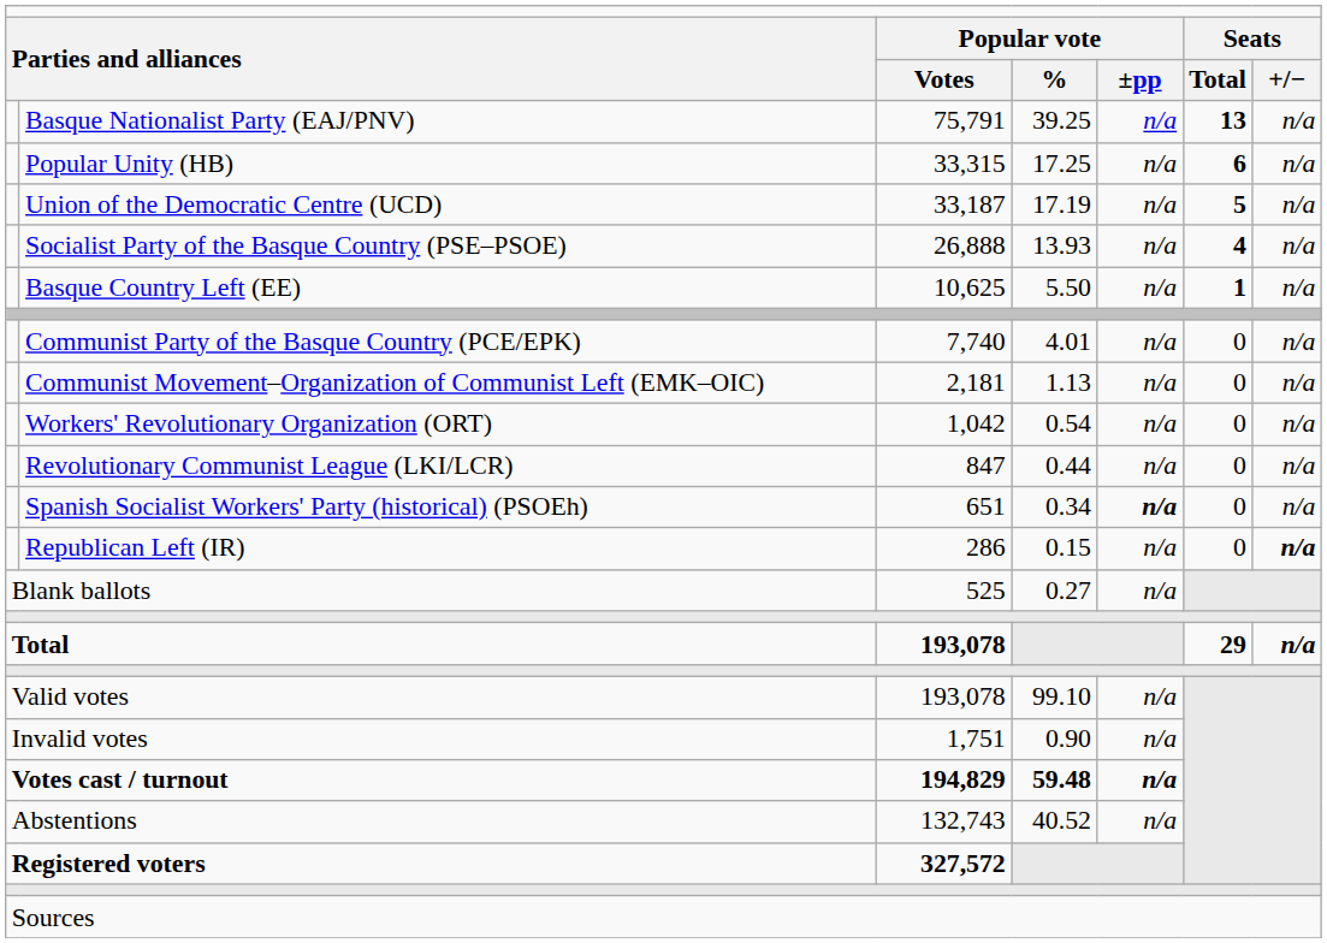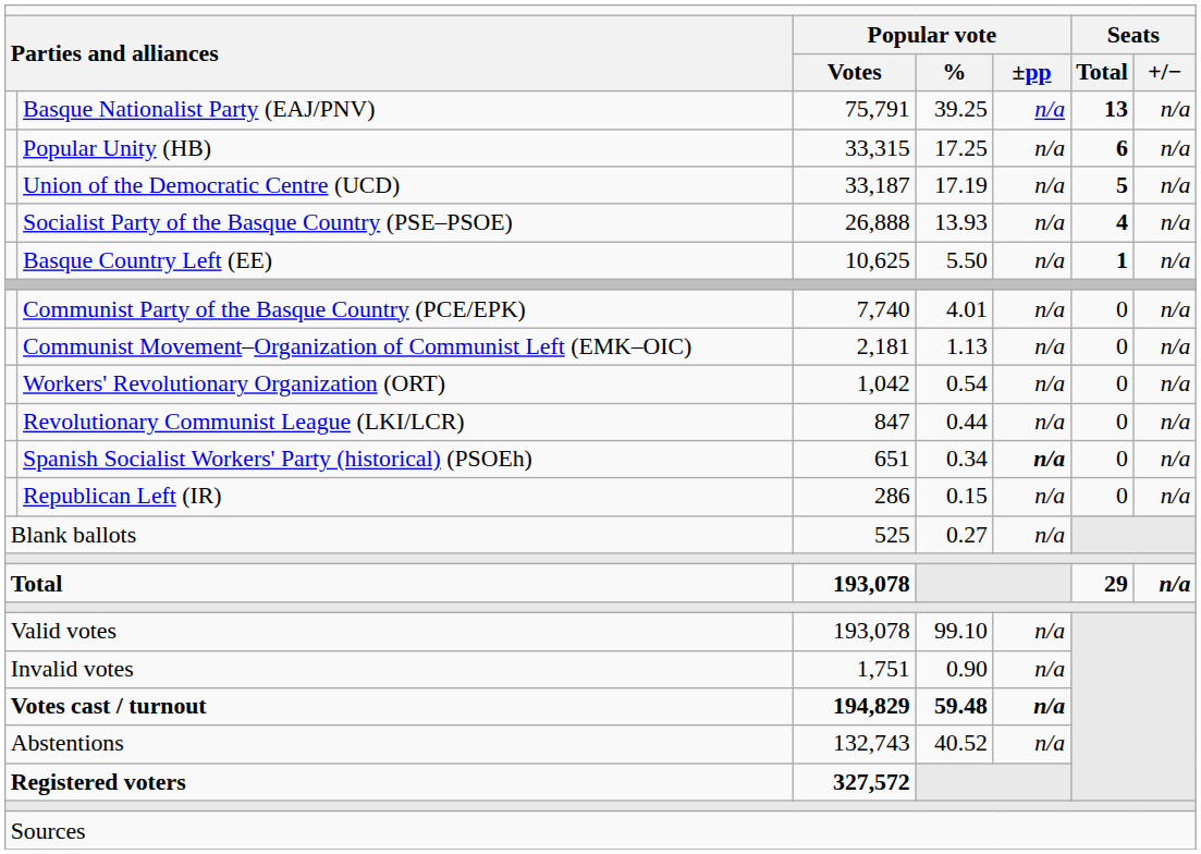 <table class="wikitable" style="text-align:right;">
 <tr>
 <td colspan="7"></td>
 </tr>
 <tr>
 <th style="text-align:left;" rowspan="2" colspan="2" width="525">Parties and alliances</th>
 <th colspan="3">Popular vote</th>
 <th colspan="2">Seats</th>
 </tr>
 <tr>
 <th width="75">Votes</th>
 <th width="45">%</th>
 <th width="45">±<a href='#'>pp</a></th>
 <th width="35">Total</th>
 <th width="35">+/−</th>
 </tr>
 <tr>
 <td width="1" style="color:inherit;background:"></td>
 <td align="left"><a href='#'>Basque Nationalist Party</a> (EAJ/PNV)</td>
 <td>75,791</td>
 <td>39.25</td>
 <td><em><a href='#'>n/a</a></em></td>
 <td><strong>13</strong></td>
 <td><em>n/a</em></td>
 </tr>
 <tr>
 <td style="color:inherit;background:"></td>
 <td align="left"><a href='#'>Popular Unity</a> (HB)</td>
 <td>33,315</td>
 <td>17.25</td>
 <td><em>n/a</em></td>
 <td><strong>6</strong></td>
 <td><em>n/a</em></td>
 </tr>
 <tr>
 <td style="color:inherit;background:"></td>
 <td align="left"><a href='#'>Union of the Democratic Centre</a> (UCD)</td>
 <td>33,187</td>
 <td>17.19</td>
 <td><em>n/a</em></td>
 <td><strong>5</strong></td>
 <td><em>n/a</em></td>
 </tr>
 <tr>
 <td style="color:inherit;background:"></td>
 <td align="left"><a href='#'>Socialist Party of the Basque Country</a> (PSE–PSOE)</td>
 <td>26,888</td>
 <td>13.93</td>
 <td><em>n/a</em></td>
 <td><strong>4</strong></td>
 <td><em>n/a</em></td>
 </tr>
 <tr>
 <td style="color:inherit;background:"></td>
 <td align="left"><a href='#'>Basque Country Left</a> (EE)</td>
 <td>10,625</td>
 <td>5.50</td>
 <td><em>n/a</em></td>
 <td><strong>1</strong></td>
 <td><em>n/a</em></td>
 </tr>
 <tr>
 <td colspan="7" bgcolor="#C0C0C0"></td>
 </tr>
 <tr>
 <td style="color:inherit;background:"></td>
 <td align="left"><a href='#'>Communist Party of the Basque Country</a> (PCE/EPK)</td>
 <td>7,740</td>
 <td>4.01</td>
 <td><em>n/a</em></td>
 <td>0</td>
 <td><em>n/a</em></td>
 </tr>
 <tr>
 <td style="color:inherit;background:"></td>
 <td align="left"><a href='#'>Communist Movement</a>–<a href='#'>Organization of Communist Left</a> (EMK–OIC)</td>
 <td>2,181</td>
 <td>1.13</td>
 <td><em>n/a</em></td>
 <td>0</td>
 <td><em>n/a</em></td>
 </tr>
 <tr>
 <td style="color:inherit;background:"></td>
 <td align="left"><a href='#'>Workers' Revolutionary Organization</a> (ORT)</td>
 <td>1,042</td>
 <td>0.54</td>
 <td><em>n/a</em></td>
 <td>0</td>
 <td><em>n/a</em></td>
 </tr>
 <tr>
 <td style="color:inherit;background:"></td>
 <td align="left"><a href='#'>Revolutionary Communist League</a> (LKI/LCR)</td>
 <td>847</td>
 <td>0.44</td>
 <td><em>n/a</em></td>
 <td>0</td>
 <td><em>n/a</em></td>
 </tr>
 <tr>
 <td style="color:inherit;background:"></td>
 <td align="left"><a href='#'>Spanish Socialist Workers' Party (historical)</a> (PSOEh)</td>
 <td>651</td>
 <td>0.34</td>
 <td><strong><em>n/a</em></strong></td>
 <td>0</td>
 <td><em>n/a</em></td>
 </tr>
 <tr>
 <td style="color:inherit;background:"></td>
 <td align="left"><a href='#'>Republican Left</a> (IR)</td>
 <td>286</td>
 <td>0.15</td>
 <td><em>n/a</em></td>
 <td>0</td>
-<td><strong><em>n/a</em></strong></td>
+<td><em>n/a</em></td>
 </tr>
 <tr>
 <td align="left" colspan="2">Blank ballots</td>
 <td>525</td>
 <td>0.27</td>
 <td><em>n/a</em></td>
 <td bgcolor="#E9E9E9" colspan="2"></td>
 </tr>
 <tr>
 <td colspan="7" bgcolor="#E9E9E9"></td>
 </tr>
 <tr style="font-weight:bold;">
 <td align="left" colspan="2">Total</td>
 <td>193,078</td>
 <td bgcolor="#E9E9E9" colspan="2"></td>
 <td>29</td>
 <td><em>n/a</em></td>
 </tr>
 <tr>
 <td colspan="7" bgcolor="#E9E9E9"></td>
 </tr>
 <tr>
 <td align="left" colspan="2">Valid votes</td>
 <td>193,078</td>
 <td>99.10</td>
 <td><em>n/a</em></td>
 <td bgcolor="#E9E9E9" colspan="2" rowspan="5"></td>
 </tr>
 <tr>
 <td align="left" colspan="2">Invalid votes</td>
 <td>1,751</td>
 <td>0.90</td>
 <td><em>n/a</em></td>
 </tr>
 <tr style="font-weight:bold;">
 <td align="left" colspan="2">Votes cast / turnout</td>
 <td>194,829</td>
 <td>59.48</td>
 <td><em>n/a</em></td>
 </tr>
 <tr>
 <td align="left" colspan="2">Abstentions</td>
 <td>132,743</td>
 <td>40.52</td>
 <td><em>n/a</em></td>
 </tr>
 <tr style="font-weight:bold;">
 <td align="left" colspan="2">Registered voters</td>
 <td>327,572</td>
 <td bgcolor="#E9E9E9" colspan="2"></td>
 </tr>
 <tr>
 <td colspan="7" bgcolor="#E9E9E9"></td>
 </tr>
 <tr>
 <td align="left" colspan="7">Sources</td>
 </tr>
 </table>
